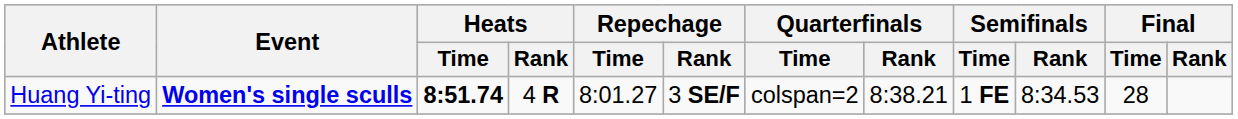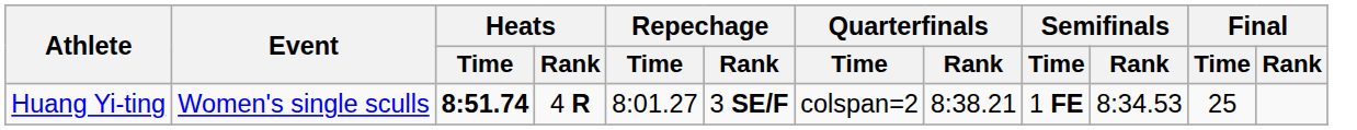 <table class="wikitable" style="font-size:90%">
 <tr>
 <th rowspan=2>Athlete</th>
 <th rowspan=2>Event</th>
 <th colspan="2">Heats</th>
 <th colspan="2">Repechage</th>
 <th colspan=2>Quarterfinals</th>
 <th colspan="2">Semifinals</th>
 <th colspan="2">Final</th>
 </tr>
 <tr style="font-size:95%">
 <th>Time</th>
 <th>Rank</th>
 <th>Time</th>
 <th>Rank</th>
 <th>Time</th>
 <th>Rank</th>
 <th>Time</th>
 <th>Rank</th>
 <th>Time</th>
 <th>Rank</th>
 </tr>
 <tr align=center>
 <td align=left><a href='#'>Huang Yi-ting</a></td>
-<td align=left><strong><a href='#'>Women's single sculls</a></strong></td>
+<td align=left><a href='#'>Women's single sculls</a></td>
 <td><strong>8:51.74</strong></td>
 <td>4 <strong>R</strong></td>
 <td>8:01.27</td>
 <td>3 <strong>SE/F</strong></td>
 <td>colspan=2 </td>
 <td>8:38.21</td>
 <td>1 <strong>FE</strong></td>
 <td>8:34.53</td>
-<td>28</td>
+<td>25</td>
 </tr>
 </table>
